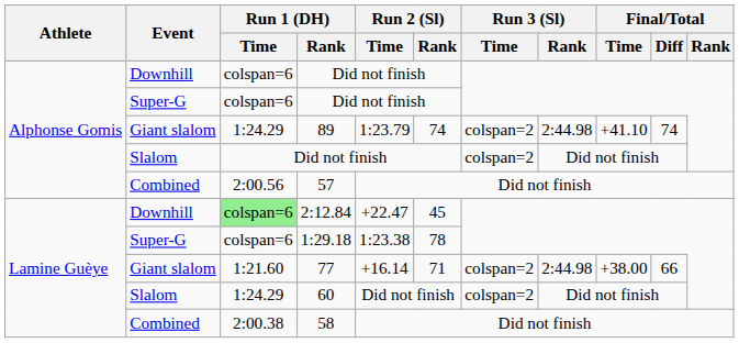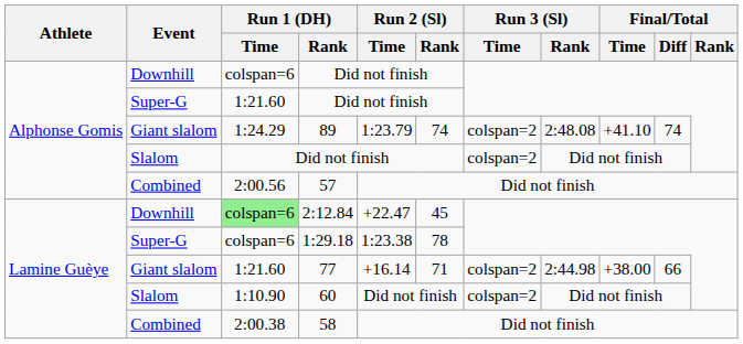 <table class="wikitable" style="font-size:90%">
 <tr>
 <th rowspan="2">Athlete</th>
 <th rowspan="2">Event</th>
 <th colspan="2">Run 1 (DH)</th>
 <th colspan="2">Run 2 (Sl)</th>
 <th colspan="2">Run 3 (Sl)</th>
 <th colspan="3">Final/Total</th>
 </tr>
 <tr>
 <th>Time</th>
 <th>Rank</th>
 <th>Time</th>
 <th>Rank</th>
 <th>Time</th>
 <th>Rank</th>
 <th>Time</th>
 <th>Diff</th>
 <th>Rank</th>
 </tr>
 <tr align="center">
 <td align="left" rowspan=5><a href='#'>Alphonse Gomis</a></td>
 <td align="left"><a href='#'>Downhill</a></td>
 <td>colspan=6 </td>
 <td colspan=3>Did not finish</td>
 </tr>
 <tr align="center">
 <td align="left"><a href='#'>Super-G</a></td>
-<td>colspan=6 </td>
+<td>1:21.60</td>
 <td colspan=3>Did not finish</td>
 </tr>
 <tr align="center">
 <td align="left"><a href='#'>Giant slalom</a></td>
 <td>1:24.29</td>
 <td>89</td>
 <td>1:23.79</td>
 <td>74</td>
 <td>colspan=2 </td>
-<td>2:44.98</td>
+<td>2:48.08</td>
 <td>+41.10</td>
 <td>74</td>
 </tr>
 <tr align="center">
 <td align="left"><a href='#'>Slalom</a></td>
 <td colspan=4>Did not finish</td>
 <td>colspan=2 </td>
 <td colspan=3>Did not finish</td>
 </tr>
 <tr align="center">
 <td align="left"><a href='#'>Combined</a></td>
 <td>2:00.56</td>
 <td>57</td>
 <td colspan=7>Did not finish</td>
 </tr>
 <tr align="center">
 <td align="left" rowspan=5><a href='#'>Lamine Guèye</a></td>
 <td align="left"><a href='#'>Downhill</a></td>
 <td style="background: lightgreen;">colspan=6 </td>
 <td>2:12.84</td>
 <td>+22.47</td>
 <td>45</td>
 </tr>
 <tr align="center">
 <td align="left"><a href='#'>Super-G</a></td>
 <td>colspan=6 </td>
 <td>1:29.18</td>
 <td>1:23.38</td>
 <td>78</td>
 </tr>
 <tr align="center">
 <td align="left"><a href='#'>Giant slalom</a></td>
 <td>1:21.60</td>
 <td>77</td>
 <td>+16.14</td>
 <td>71</td>
 <td>colspan=2 </td>
 <td>2:44.98</td>
 <td>+38.00</td>
 <td>66</td>
 </tr>
 <tr align="center">
 <td align="left"><a href='#'>Slalom</a></td>
-<td>1:24.29</td>
+<td>1:10.90</td>
 <td>60</td>
 <td colspan=2>Did not finish</td>
 <td>colspan=2 </td>
 <td colspan=3>Did not finish</td>
 </tr>
 <tr align="center">
 <td align="left"><a href='#'>Combined</a></td>
 <td>2:00.38</td>
 <td>58</td>
 <td colspan=7>Did not finish</td>
 </tr>
 </table>
